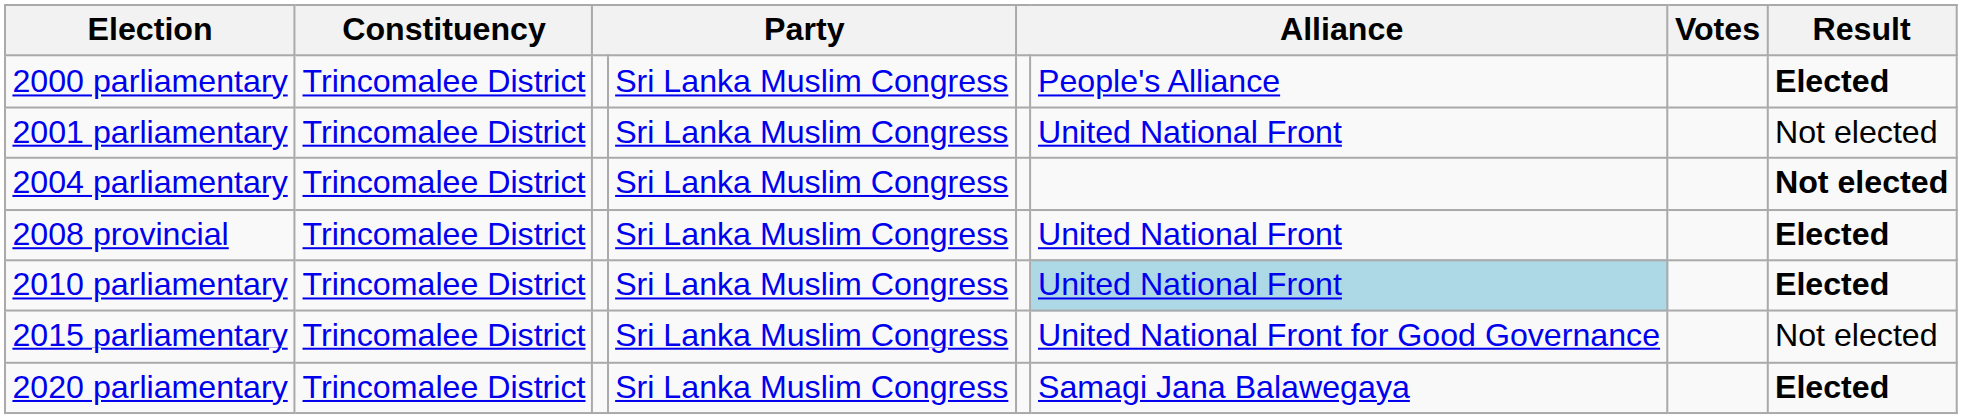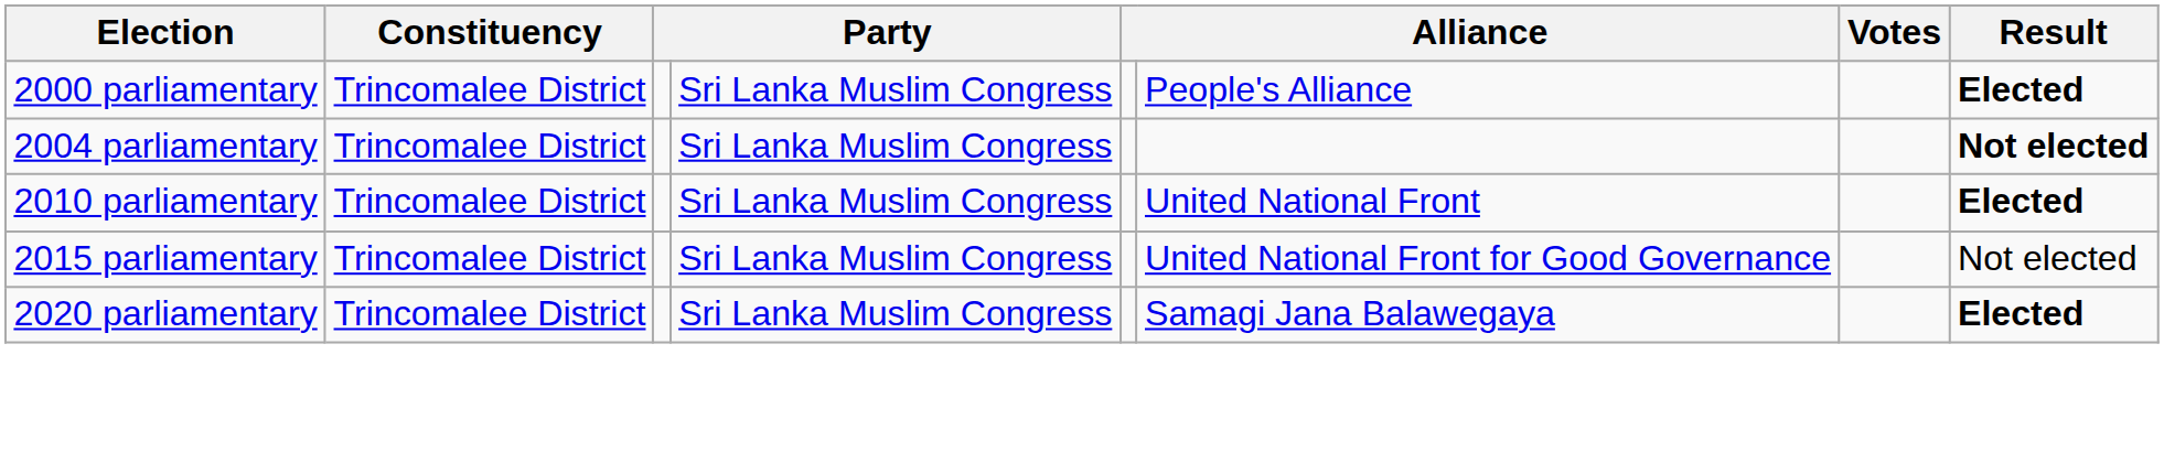 <table class="wikitable" style="text-align:left;">
 <tr>
 <th scope=col>Election</th>
 <th scope=col>Constituency</th>
 <th scope=col colspan="2">Party</th>
 <th scope=col colspan="2">Alliance</th>
 <th scope=col>Votes</th>
 <th scope=col>Result</th>
 </tr>
 <tr>
 <td><a href='#'>2000 parliamentary</a></td>
 <td><a href='#'>Trincomalee District</a></td>
 <td style="background:"></td>
 <td><a href='#'>Sri Lanka Muslim Congress</a></td>
 <td style="background:"></td>
 <td><a href='#'>People's Alliance</a></td>
 <td align=right></td>
 <td><strong>Elected</strong></td>
 </tr>
 <tr>
-<td><a href='#'>2001 parliamentary</a></td>
-<td><a href='#'>Trincomalee District</a></td>
-<td style="background:"></td>
-<td><a href='#'>Sri Lanka Muslim Congress</a></td>
-<td style="background:"></td>
-<td><a href='#'>United National Front</a></td>
-<td align=right></td>
-<td>Not elected</td>
-</tr>
-<tr>
 <td><a href='#'>2004 parliamentary</a></td>
 <td><a href='#'>Trincomalee District</a></td>
 <td style="background:"></td>
 <td><a href='#'>Sri Lanka Muslim Congress</a></td>
 <td></td>
 <td></td>
 <td align=right></td>
 <td><strong>Not elected</strong></td>
 </tr>
 <tr>
-<td><a href='#'>2008 provincial</a></td>
+<td><a href='#'>2010 parliamentary</a></td>
 <td><a href='#'>Trincomalee District</a></td>
 <td style="background:"></td>
 <td><a href='#'>Sri Lanka Muslim Congress</a></td>
 <td style="background:"></td>
 <td><a href='#'>United National Front</a></td>
-<td></td>
-<td><strong>Elected</strong></td>
-</tr>
-<tr>
-<td><a href='#'>2010 parliamentary</a></td>
-<td><a href='#'>Trincomalee District</a></td>
-<td style="background:"></td>
-<td><a href='#'>Sri Lanka Muslim Congress</a></td>
-<td style="background:"></td>
-<td style="background: lightblue;"><a href='#'>United National Front</a></td>
 <td align=right></td>
 <td><strong>Elected</strong></td>
 </tr>
 <tr>
 <td><a href='#'>2015 parliamentary</a></td>
 <td><a href='#'>Trincomalee District</a></td>
 <td style="background:"></td>
 <td><a href='#'>Sri Lanka Muslim Congress</a></td>
 <td style="background:"></td>
 <td><a href='#'>United National Front for Good Governance</a></td>
 <td align=right></td>
 <td>Not elected</td>
 </tr>
 <tr>
 <td><a href='#'>2020 parliamentary</a></td>
 <td><a href='#'>Trincomalee District</a></td>
 <td style="background:"></td>
 <td><a href='#'>Sri Lanka Muslim Congress</a></td>
 <td style="background:"></td>
 <td><a href='#'>Samagi Jana Balawegaya</a></td>
 <td align=right></td>
 <td><strong>Elected</strong></td>
 </tr>
 </table>
